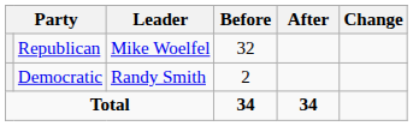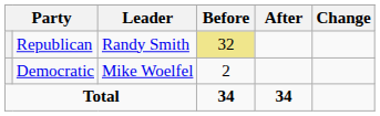 <table class="wikitable" style="text-align:center;">
 <tr>
 </tr>
 <tr>
 <th colspan="2">Party</th>
 <th>Leader</th>
 <th style="width:3em">Before</th>
 <th style="width:3em">After</th>
 <th style="width:3em">Change</th>
 </tr>
 <tr>
 <th style="background-color:"></th>
 <td style="text-align:left;"><a href='#'>Republican</a></td>
-<td style="text-align:left;"><a href='#'>Mike Woelfel</a></td>
-<td>32</td>
+<td style="text-align:left;"><a href='#'>Randy Smith</a></td>
+<td style="background: khaki;">32</td>
 <td></td>
 <td></td>
 </tr>
 <tr>
 <th style="background-color:"></th>
 <td style="text-align:left;"><a href='#'>Democratic</a></td>
-<td style="text-align:left;"><a href='#'>Randy Smith</a></td>
+<td style="text-align:left;"><a href='#'>Mike Woelfel</a></td>
 <td>2</td>
 <td></td>
 <td></td>
 </tr>
 <tr>
 <td colspan="3"><strong>Total</strong></td>
 <td><strong>34</strong></td>
 <td><strong>34</strong></td>
 <td></td>
 </tr>
 </table>
